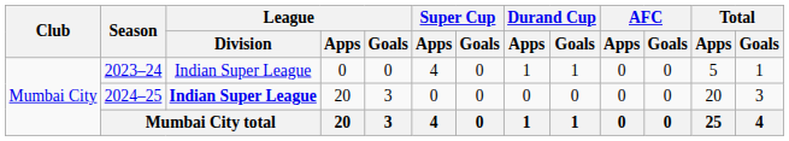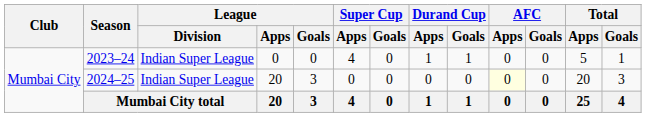 <table class="wikitable" style="text-align: center;">
 <tr>
 <th rowspan="2">Club</th>
 <th rowspan="2">Season</th>
 <th colspan="3">League</th>
 <th colspan="2"><a href='#'>Super Cup</a></th>
 <th colspan="2"><a href='#'>Durand Cup</a></th>
 <th colspan="2"><a href='#'>AFC</a></th>
 <th colspan="2">Total</th>
 </tr>
 <tr>
 <th>Division</th>
 <th>Apps</th>
 <th>Goals</th>
 <th>Apps</th>
 <th>Goals</th>
 <th>Apps</th>
 <th>Goals</th>
 <th>Apps</th>
 <th>Goals</th>
 <th>Apps</th>
 <th>Goals</th>
 </tr>
 <tr>
 <td rowspan="3"><a href='#'>Mumbai City</a></td>
 <td><a href='#'>2023–24</a></td>
 <td rowspan="1"><a href='#'>Indian Super League</a></td>
 <td>0</td>
 <td>0</td>
 <td>4</td>
 <td>0</td>
 <td>1</td>
 <td>1</td>
 <td>0</td>
 <td>0</td>
 <td>5</td>
 <td>1</td>
 </tr>
 <tr>
 <td><a href='#'>2024–25</a></td>
-<td rowspan="1"><strong><a href='#'>Indian Super League</a></strong></td>
+<td rowspan="1"><a href='#'>Indian Super League</a></td>
 <td>20</td>
 <td>3</td>
 <td>0</td>
 <td>0</td>
 <td>0</td>
 <td>0</td>
-<td>0</td>
+<td style="background: lightyellow;">0</td>
 <td>0</td>
 <td>20</td>
 <td>3</td>
 </tr>
 <tr>
 <th colspan="2">Mumbai City total</th>
 <th>20</th>
 <th>3</th>
 <th>4</th>
 <th>0</th>
 <th>1</th>
 <th>1</th>
 <th>0</th>
 <th>0</th>
 <th>25</th>
 <th>4</th>
 </tr>
 </table>
